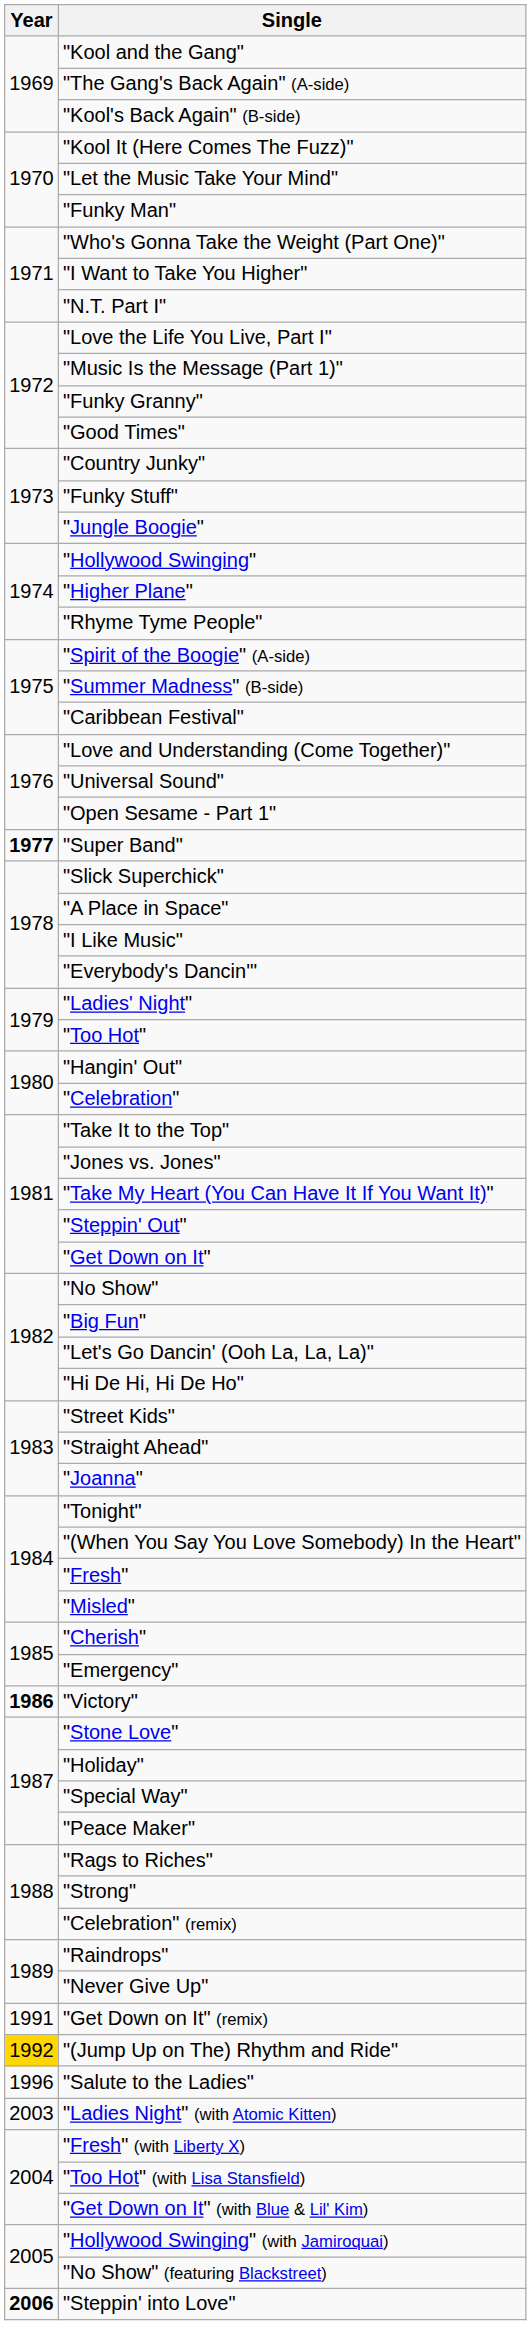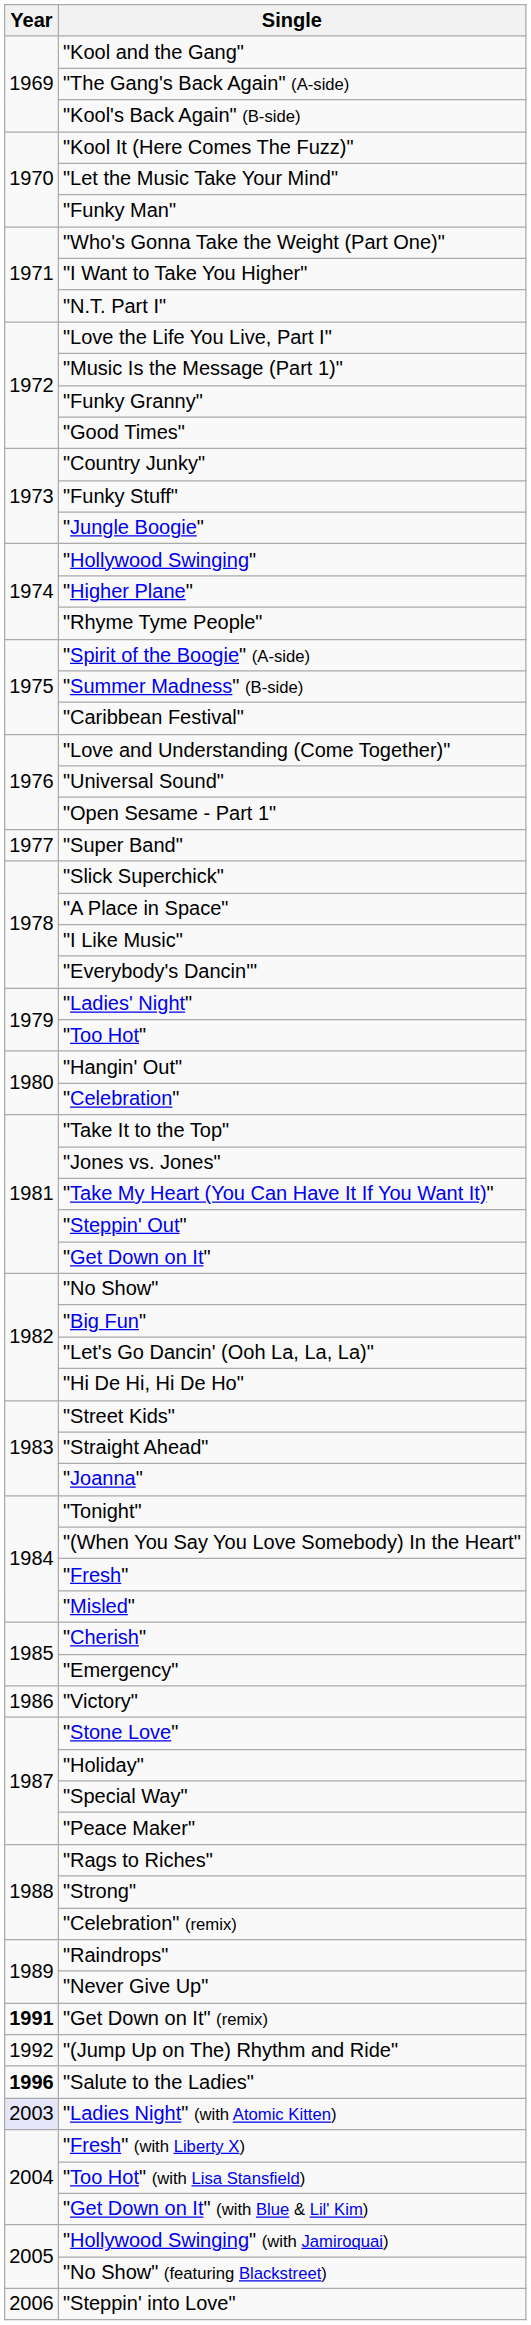 <table class="wikitable">
 <tr>
 <th>Year</th>
 <th>Single</th>
 </tr>
 <tr>
 <td rowspan="3">1969</td>
 <td>"Kool and the Gang"</td>
 </tr>
 <tr>
 <td>"The Gang's Back Again" <small>(A-side)</small></td>
 </tr>
 <tr>
 <td>"Kool's Back Again" <small>(B-side)</small></td>
 </tr>
 <tr>
 <td rowspan="3">1970</td>
 <td>"Kool It (Here Comes The Fuzz)"</td>
 </tr>
 <tr>
 <td>"Let the Music Take Your Mind"</td>
 </tr>
 <tr>
 <td>"Funky Man"</td>
 </tr>
 <tr>
 <td rowspan="3">1971</td>
 <td>"Who's Gonna Take the Weight (Part One)"</td>
 </tr>
 <tr>
 <td>"I Want to Take You Higher"</td>
 </tr>
 <tr>
 <td>"N.T. Part I"</td>
 </tr>
 <tr>
 <td rowspan="4">1972</td>
 <td>"Love the Life You Live, Part I"</td>
 </tr>
 <tr>
 <td>"Music Is the Message (Part 1)"</td>
 </tr>
 <tr>
 <td>"Funky Granny"</td>
 </tr>
 <tr>
 <td>"Good Times"</td>
 </tr>
 <tr>
 <td rowspan="3">1973</td>
 <td>"Country Junky"</td>
 </tr>
 <tr>
 <td>"Funky Stuff"</td>
 </tr>
 <tr>
 <td>"<a href='#'>Jungle Boogie</a>"</td>
 </tr>
 <tr>
 <td rowspan="3">1974</td>
 <td>"<a href='#'>Hollywood Swinging</a>"</td>
 </tr>
 <tr>
 <td>"<a href='#'>Higher Plane</a>"</td>
 </tr>
 <tr>
 <td>"Rhyme Tyme People"</td>
 </tr>
 <tr>
 <td rowspan="3">1975</td>
 <td>"<a href='#'>Spirit of the Boogie</a>" <small>(A-side)</small></td>
 </tr>
 <tr>
 <td>"<a href='#'>Summer Madness</a>" <small>(B-side)</small></td>
 </tr>
 <tr>
 <td>"Caribbean Festival"</td>
 </tr>
 <tr>
 <td rowspan="3">1976</td>
 <td>"Love and Understanding (Come Together)"</td>
 </tr>
 <tr>
 <td>"Universal Sound"</td>
 </tr>
 <tr>
 <td>"Open Sesame - Part 1"</td>
 </tr>
 <tr>
-<td><strong>1977</strong></td>
+<td>1977</td>
 <td>"Super Band"</td>
 </tr>
 <tr>
 <td rowspan="4">1978</td>
 <td>"Slick Superchick"</td>
 </tr>
 <tr>
 <td>"A Place in Space"</td>
 </tr>
 <tr>
 <td>"I Like Music"</td>
 </tr>
 <tr>
 <td>"Everybody's Dancin'"</td>
 </tr>
 <tr>
 <td rowspan="2">1979</td>
 <td>"<a href='#'>Ladies' Night</a>"</td>
 </tr>
 <tr>
 <td>"<a href='#'>Too Hot</a>"</td>
 </tr>
 <tr>
 <td rowspan="2">1980</td>
 <td>"Hangin' Out"</td>
 </tr>
 <tr>
 <td>"<a href='#'>Celebration</a>"</td>
 </tr>
 <tr>
 <td rowspan="5">1981</td>
 <td>"Take It to the Top"</td>
 </tr>
 <tr>
 <td>"Jones vs. Jones"</td>
 </tr>
 <tr>
 <td>"<a href='#'>Take My Heart (You Can Have It If You Want It)</a>"</td>
 </tr>
 <tr>
 <td>"<a href='#'>Steppin' Out</a>"</td>
 </tr>
 <tr>
 <td>"<a href='#'>Get Down on It</a>"</td>
 </tr>
 <tr>
 <td rowspan="4">1982</td>
 <td>"No Show"</td>
 </tr>
 <tr>
 <td>"<a href='#'>Big Fun</a>"</td>
 </tr>
 <tr>
 <td>"Let's Go Dancin' (Ooh La, La, La)"</td>
 </tr>
 <tr>
 <td>"Hi De Hi, Hi De Ho"</td>
 </tr>
 <tr>
 <td rowspan="3">1983</td>
 <td>"Street Kids"</td>
 </tr>
 <tr>
 <td>"Straight Ahead"</td>
 </tr>
 <tr>
 <td>"<a href='#'>Joanna</a>"</td>
 </tr>
 <tr>
 <td rowspan="4">1984</td>
 <td>"Tonight"</td>
 </tr>
 <tr>
 <td>"(When You Say You Love Somebody) In the Heart"</td>
 </tr>
 <tr>
 <td>"<a href='#'>Fresh</a>"</td>
 </tr>
 <tr>
 <td>"<a href='#'>Misled</a>"</td>
 </tr>
 <tr>
 <td rowspan="2">1985</td>
 <td>"<a href='#'>Cherish</a>"</td>
 </tr>
 <tr>
 <td>"Emergency"</td>
 </tr>
 <tr>
-<td><strong>1986</strong></td>
+<td>1986</td>
 <td>"Victory"</td>
 </tr>
 <tr>
 <td rowspan="4">1987</td>
 <td>"<a href='#'>Stone Love</a>"</td>
 </tr>
 <tr>
 <td>"Holiday"</td>
 </tr>
 <tr>
 <td>"Special Way"</td>
 </tr>
 <tr>
 <td>"Peace Maker"</td>
 </tr>
 <tr>
 <td rowspan="3">1988</td>
 <td>"Rags to Riches"</td>
 </tr>
 <tr>
 <td>"Strong"</td>
 </tr>
 <tr>
 <td>"Celebration" <small>(remix)</small></td>
 </tr>
 <tr>
 <td rowspan="2">1989</td>
 <td>"Raindrops"</td>
 </tr>
 <tr>
 <td>"Never Give Up"</td>
 </tr>
 <tr>
-<td>1991</td>
+<td><strong>1991</strong></td>
 <td>"Get Down on It" <small>(remix)</small></td>
 </tr>
 <tr>
-<td style="background: gold;">1992</td>
+<td>1992</td>
 <td>"(Jump Up on The) Rhythm and Ride"</td>
 </tr>
 <tr>
-<td>1996</td>
+<td><strong>1996</strong></td>
 <td>"Salute to the Ladies"</td>
 </tr>
 <tr>
-<td>2003</td>
+<td style="background: lavender;">2003</td>
 <td>"<a href='#'>Ladies Night</a>" <small>(with <a href='#'>Atomic Kitten</a>)</small></td>
 </tr>
 <tr>
 <td rowspan="3">2004</td>
 <td>"<a href='#'>Fresh</a>" <small>(with <a href='#'>Liberty X</a>)</small></td>
 </tr>
 <tr>
 <td>"<a href='#'>Too Hot</a>" <small>(with <a href='#'>Lisa Stansfield</a>)</small></td>
 </tr>
 <tr>
 <td>"<a href='#'>Get Down on It</a>" <small>(with <a href='#'>Blue</a> & <a href='#'>Lil' Kim</a>)</small></td>
 </tr>
 <tr>
 <td rowspan="2">2005</td>
 <td>"<a href='#'>Hollywood Swinging</a>" <small>(with <a href='#'>Jamiroquai</a>)</small></td>
 </tr>
 <tr>
 <td>"No Show" <small>(featuring <a href='#'>Blackstreet</a>)</small></td>
 </tr>
 <tr>
-<td><strong>2006</strong></td>
+<td>2006</td>
 <td>"Steppin' into Love"</td>
 </tr>
 </table>
